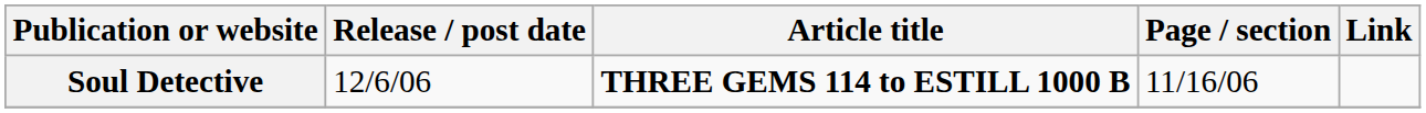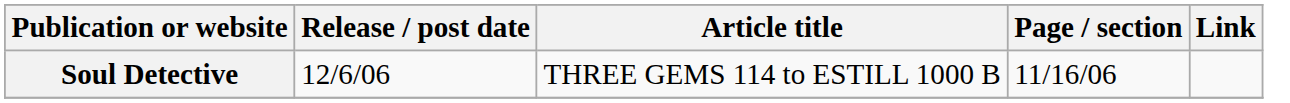 <table class="wikitable plainrowheaders sortable">
 <tr>
 <th scope="col">Publication or website</th>
 <th scope="col">Release / post date</th>
 <th scope="col">Article title</th>
 <th scope="col">Page / section</th>
 <th scope="col">Link</th>
 </tr>
 <tr>
 <th scope="row">Soul Detective</th>
 <td>12/6/06</td>
-<td><strong>THREE GEMS 114 to ESTILL 1000 B</strong></td>
+<td>THREE GEMS 114 to ESTILL 1000 B</td>
 <td>11/16/06</td>
 <td></td>
 </tr>
 <tr>
 </tr>
 </table>
